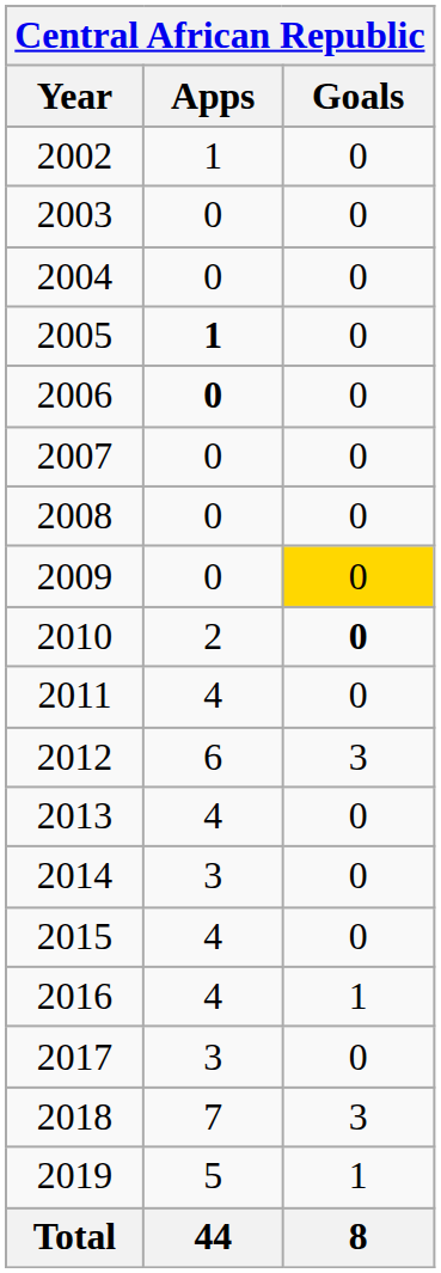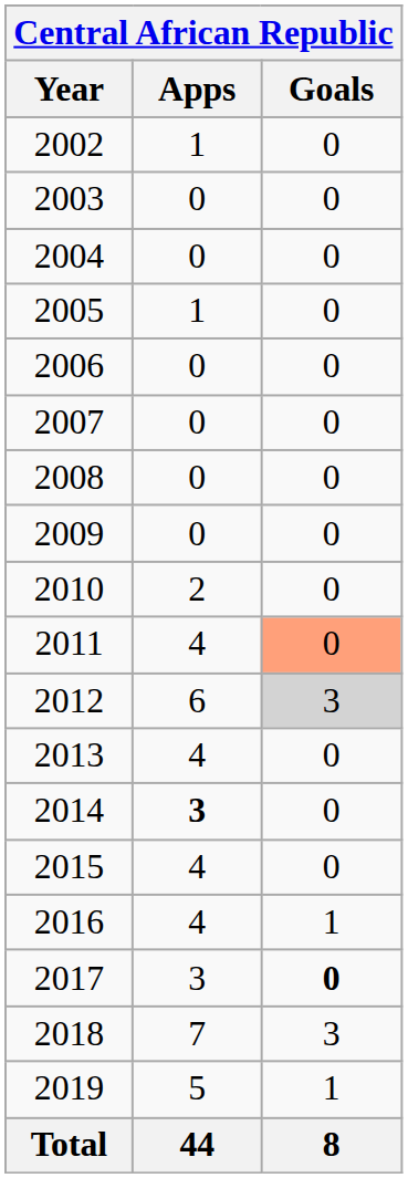 <table class="wikitable" style="text-align:center">
 <tr>
 <th colspan=3><a href='#'>Central African Republic</a></th>
 </tr>
 <tr>
 <th>Year</th>
 <th>Apps</th>
 <th>Goals</th>
 </tr>
 <tr>
 <td>2002</td>
 <td>1</td>
 <td>0</td>
 </tr>
 <tr>
 <td>2003</td>
 <td>0</td>
 <td>0</td>
 </tr>
 <tr>
 <td>2004</td>
 <td>0</td>
 <td>0</td>
 </tr>
 <tr>
 <td>2005</td>
-<td><strong>1</strong></td>
+<td>1</td>
 <td>0</td>
 </tr>
 <tr>
 <td>2006</td>
-<td><strong>0</strong></td>
+<td>0</td>
 <td>0</td>
 </tr>
 <tr>
 <td>2007</td>
 <td>0</td>
 <td>0</td>
 </tr>
 <tr>
 <td>2008</td>
 <td>0</td>
 <td>0</td>
 </tr>
 <tr>
 <td>2009</td>
 <td>0</td>
-<td style="background: gold;">0</td>
+<td>0</td>
 </tr>
 <tr>
 <td>2010</td>
 <td>2</td>
-<td><strong>0</strong></td>
+<td>0</td>
 </tr>
 <tr>
 <td>2011</td>
 <td>4</td>
-<td>0</td>
+<td style="background: lightsalmon;">0</td>
 </tr>
 <tr>
 <td>2012</td>
 <td>6</td>
-<td>3</td>
+<td style="background: lightgrey;">3</td>
 </tr>
 <tr>
 <td>2013</td>
 <td>4</td>
 <td>0</td>
 </tr>
 <tr>
 <td>2014</td>
-<td>3</td>
+<td><strong>3</strong></td>
 <td>0</td>
 </tr>
 <tr>
 <td>2015</td>
 <td>4</td>
 <td>0</td>
 </tr>
 <tr>
 <td>2016</td>
 <td>4</td>
 <td>1</td>
 </tr>
 <tr>
 <td>2017</td>
 <td>3</td>
-<td>0</td>
+<td><strong>0</strong></td>
 </tr>
 <tr>
 <td>2018</td>
 <td>7</td>
 <td>3</td>
 </tr>
 <tr>
 <td>2019</td>
 <td>5</td>
 <td>1</td>
 </tr>
 <tr>
 <th>Total</th>
 <th>44</th>
 <th>8</th>
 </tr>
 </table>
